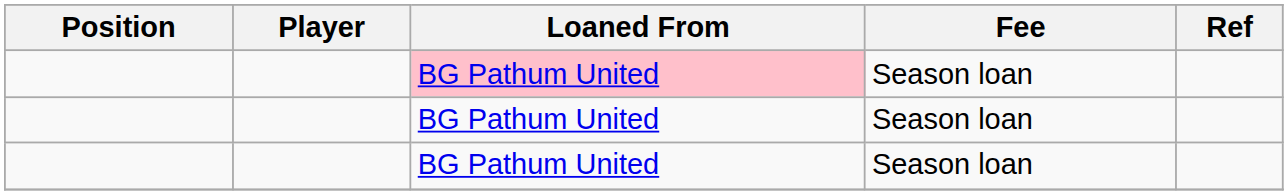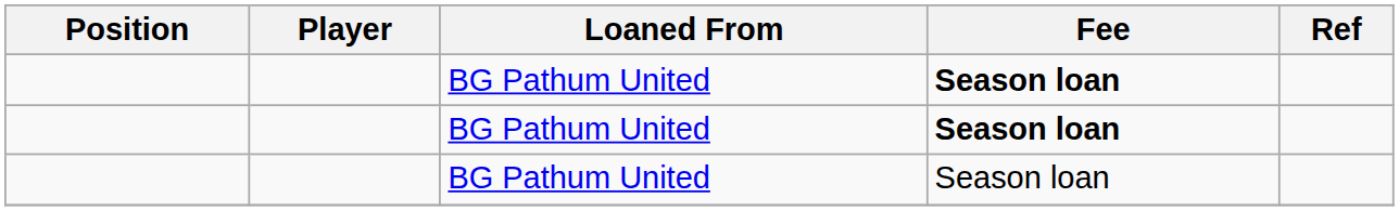 <table class="wikitable sortable" style="width:80%; text-align:center; font-size:100%; text-align:left;">
 <tr>
 <th><strong>Position</strong></th>
 <th><strong>Player</strong></th>
 <th><strong>Loaned From</strong></th>
 <th><strong>Fee</strong></th>
 <th><strong>Ref</strong></th>
 </tr>
 <tr>
 <td></td>
 <td></td>
-<td style="background: pink;"> <a href='#'>BG Pathum United</a></td>
-<td>Season loan</td>
+<td> <a href='#'>BG Pathum United</a></td>
+<td><strong>Season loan</strong></td>
 <td> </td>
 </tr>
 <tr>
 <td></td>
 <td></td>
 <td> <a href='#'>BG Pathum United</a></td>
-<td>Season loan</td>
+<td><strong>Season loan</strong></td>
 <td></td>
 </tr>
 <tr>
 <td></td>
 <td></td>
 <td> <a href='#'>BG Pathum United</a></td>
 <td>Season loan</td>
 <td></td>
 </tr>
 <tr>
 </tr>
 </table>
